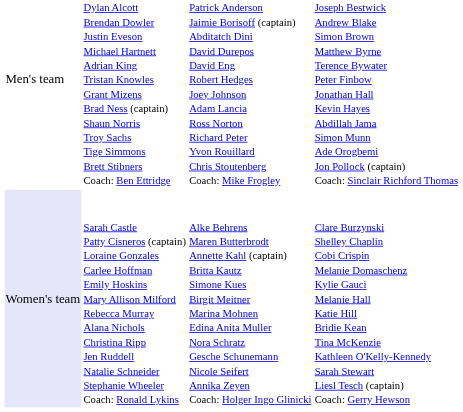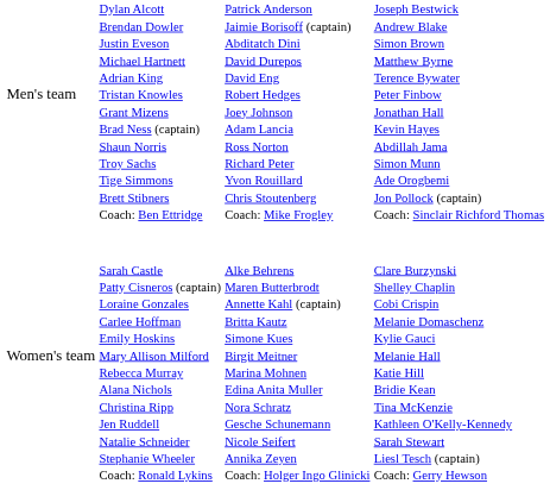 <table>
 <tr>
 <td>Men's team<br></td>
 <td valign="top"> <br><br><small><a href='#'>Dylan Alcott</a> <br> <a href='#'>Brendan Dowler</a> <br> <a href='#'>Justin Eveson</a> <br> <a href='#'>Michael Hartnett</a> <br> <a href='#'>Adrian King</a> <br> <a href='#'>Tristan Knowles</a> <br> <a href='#'>Grant Mizens</a> <br> <a href='#'>Brad Ness</a> (captain) <br> <a href='#'>Shaun Norris</a> <br> <a href='#'>Troy Sachs</a> <br> <a href='#'>Tige Simmons</a> <br> <a href='#'>Brett Stibners</a> <br> Coach: <a href='#'>Ben Ettridge</a></small></td>
 <td valign="top"> <br><br><small><a href='#'>Patrick Anderson</a> <br> <a href='#'>Jaimie Borisoff</a> (captain) <br> <a href='#'>Abditatch Dini</a> <br> <a href='#'>David Durepos</a> <br> <a href='#'>David Eng</a> <br> <a href='#'>Robert Hedges</a> <br> <a href='#'>Joey Johnson</a> <br> <a href='#'>Adam Lancia</a> <br> <a href='#'>Ross Norton</a> <br> <a href='#'>Richard Peter</a> <br> <a href='#'>Yvon Rouillard</a> <br> <a href='#'>Chris Stoutenberg</a> <br> Coach: <a href='#'>Mike Frogley</a></small></td>
 <td valign="top"> <br><br><small><a href='#'>Joseph Bestwick</a> <br> <a href='#'>Andrew Blake</a> <br> <a href='#'>Simon Brown</a> <br> <a href='#'>Matthew Byrne</a> <br> <a href='#'>Terence Bywater</a> <br> <a href='#'>Peter Finbow</a> <br> <a href='#'>Jonathan Hall</a> <br> <a href='#'>Kevin Hayes</a> <br> <a href='#'>Abdillah Jama</a> <br> <a href='#'>Simon Munn</a> <br> <a href='#'>Ade Orogbemi</a> <br> <a href='#'>Jon Pollock</a> (captain) <br> Coach: <a href='#'>Sinclair Richford Thomas</a></small></td>
 </tr>
 <tr>
-<td style="background: lavender;">Women's team<br></td>
+<td>Women's team<br></td>
 <td valign="top"> <br><br><small><a href='#'>Sarah Castle</a> <br> <a href='#'>Patty Cisneros</a> (captain) <br> <a href='#'>Loraine Gonzales</a> <br> <a href='#'>Carlee Hoffman</a> <br> <a href='#'>Emily Hoskins</a> <br> <a href='#'>Mary Allison Milford</a> <br> <a href='#'>Rebecca Murray</a> <br> <a href='#'>Alana Nichols</a> <br> <a href='#'>Christina Ripp</a> <br> <a href='#'>Jen Ruddell</a> <br> <a href='#'>Natalie Schneider</a> <br> <a href='#'>Stephanie Wheeler</a> <br> Coach: <a href='#'>Ronald Lykins</a></small></td>
 <td valign="top"> <br><br><small><a href='#'>Alke Behrens</a> <br> <a href='#'>Maren Butterbrodt</a> <br> <a href='#'>Annette Kahl</a> (captain) <br> <a href='#'>Britta Kautz</a> <br> <a href='#'>Simone Kues</a> <br> <a href='#'>Birgit Meitner</a> <br> <a href='#'>Marina Mohnen</a> <br> <a href='#'>Edina Anita Muller</a> <br> <a href='#'>Nora Schratz</a> <br> <a href='#'>Gesche Schunemann</a> <br> <a href='#'>Nicole Seifert</a> <br> <a href='#'>Annika Zeyen</a> <br> Coach: <a href='#'>Holger Ingo Glinicki</a></small></td>
 <td valign="top"> <br><br><small><a href='#'>Clare Burzynski</a> <br> <a href='#'>Shelley Chaplin</a> <br> <a href='#'>Cobi Crispin</a> <br> <a href='#'>Melanie Domaschenz</a> <br> <a href='#'>Kylie Gauci</a> <br> <a href='#'>Melanie Hall</a> <br> <a href='#'>Katie Hill</a> <br> <a href='#'>Bridie Kean</a> <br> <a href='#'>Tina McKenzie</a> <br> <a href='#'>Kathleen O'Kelly-Kennedy</a> <br> <a href='#'>Sarah Stewart</a> <br> <a href='#'>Liesl Tesch</a> (captain) <br> Coach: <a href='#'>Gerry Hewson</a></small></td>
 </tr>
 </table>
